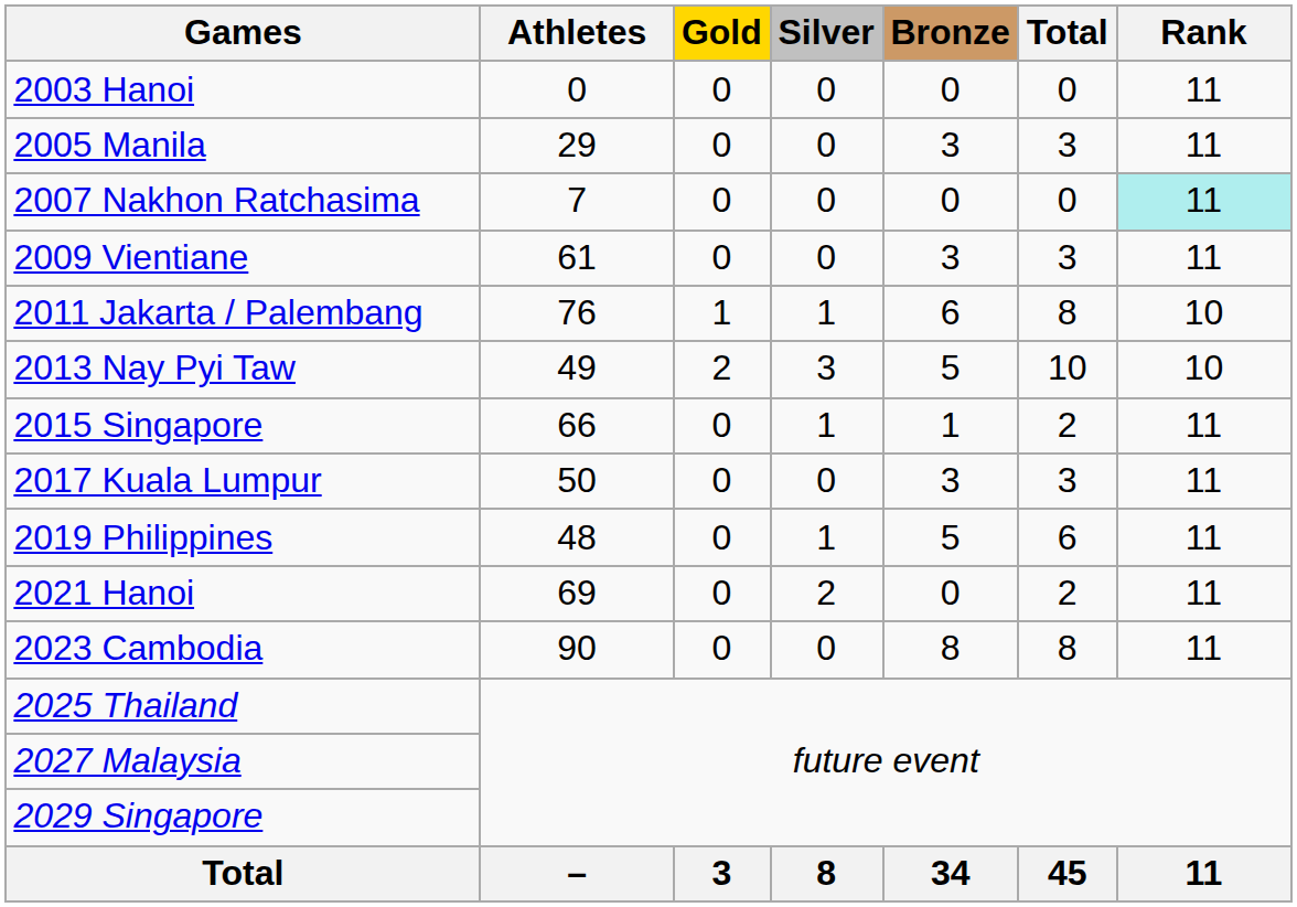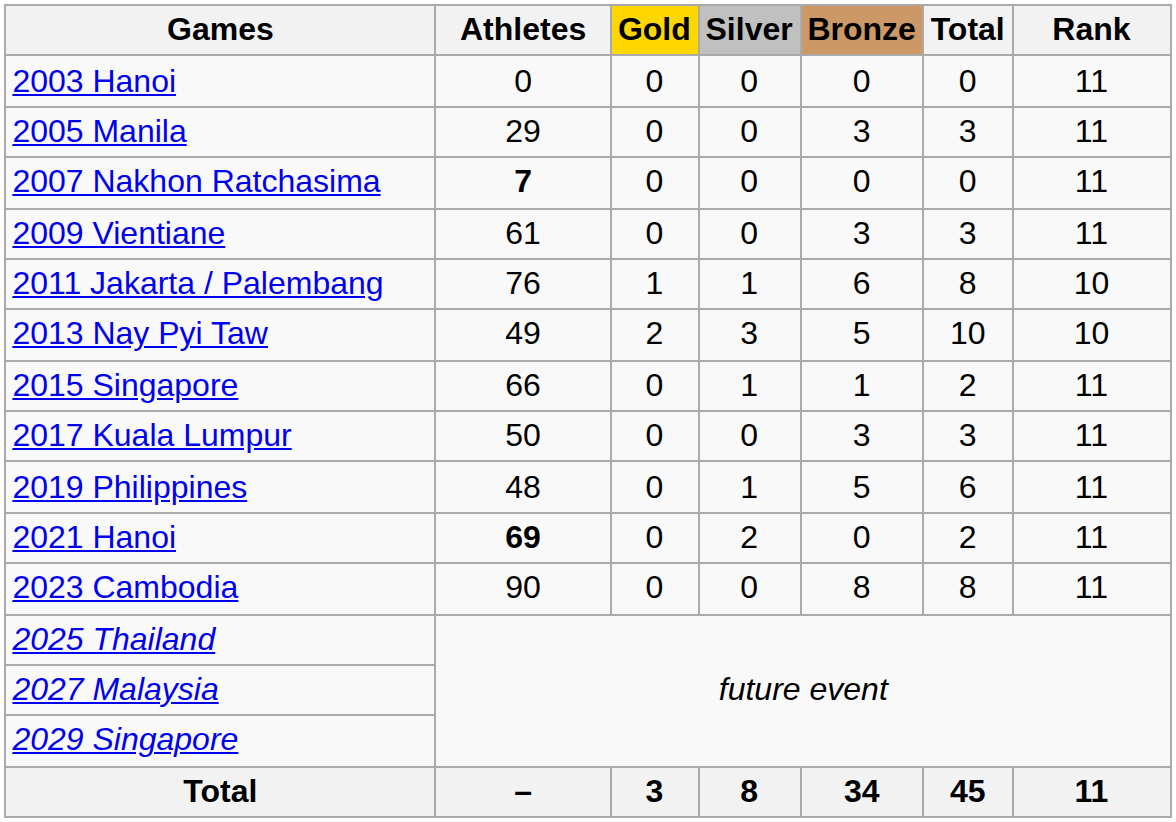 <table class="wikitable sortable plainrowheaders" border="1" style="text-align:center;">
 <tr>
 <th scope="col" style="width:13em;">Games</th>
 <th scope="col" style="width:5em;">Athletes</th>
 <th scope="col" style="background-color:gold; font-weight:bold;">Gold</th>
 <th scope="col" style="background-color:silver; font-weight:bold;">Silver</th>
 <th scope="col" style="background-color:#cc9966; font-weight:bold;">Bronze</th>
 <th scope="col">Total</th>
 <th style="width:4.5em; font-weight:bold;">Rank</th>
 </tr>
 <tr>
 <td align=left> <a href='#'>2003 Hanoi</a></td>
 <td>0</td>
 <td>0</td>
 <td>0</td>
 <td>0</td>
 <td>0</td>
 <td>11</td>
 </tr>
 <tr>
 <td align=left> <a href='#'>2005 Manila</a></td>
 <td>29</td>
 <td>0</td>
 <td>0</td>
 <td>3</td>
 <td>3</td>
 <td>11</td>
 </tr>
 <tr>
 <td align=left> <a href='#'>2007 Nakhon Ratchasima</a></td>
-<td>7</td>
+<td><strong>7</strong></td>
 <td>0</td>
 <td>0</td>
 <td>0</td>
 <td>0</td>
-<td style="background: paleturquoise;">11</td>
+<td>11</td>
 </tr>
 <tr>
 <td align=left> <a href='#'>2009 Vientiane</a></td>
 <td>61</td>
 <td>0</td>
 <td>0</td>
 <td>3</td>
 <td>3</td>
 <td>11</td>
 </tr>
 <tr>
 <td align=left> <a href='#'>2011 Jakarta / Palembang</a></td>
 <td>76</td>
 <td>1</td>
 <td>1</td>
 <td>6</td>
 <td>8</td>
 <td>10</td>
 </tr>
 <tr>
 <td align=left> <a href='#'>2013 Nay Pyi Taw</a></td>
 <td>49</td>
 <td>2</td>
 <td>3</td>
 <td>5</td>
 <td>10</td>
 <td>10</td>
 </tr>
 <tr>
 <td align=left> <a href='#'>2015 Singapore</a></td>
 <td>66</td>
 <td>0</td>
 <td>1</td>
 <td>1</td>
 <td>2</td>
 <td>11</td>
 </tr>
 <tr>
 <td align=left> <a href='#'>2017 Kuala Lumpur</a></td>
 <td>50</td>
 <td>0</td>
 <td>0</td>
 <td>3</td>
 <td>3</td>
 <td>11</td>
 </tr>
 <tr>
 <td align=left> <a href='#'>2019 Philippines</a></td>
 <td>48</td>
 <td>0</td>
 <td>1</td>
 <td>5</td>
 <td>6</td>
 <td>11</td>
 </tr>
 <tr>
 <td align=left> <a href='#'>2021 Hanoi</a></td>
-<td>69</td>
+<td><strong>69</strong></td>
 <td>0</td>
 <td>2</td>
 <td>0</td>
 <td>2</td>
 <td>11</td>
 </tr>
 <tr>
 <td align=left> <a href='#'>2023 Cambodia</a></td>
 <td>90</td>
 <td>0</td>
 <td>0</td>
 <td>8</td>
 <td>8</td>
 <td>11</td>
 </tr>
 <tr>
 <td align=left> <em><a href='#'>2025 Thailand</a></em></td>
 <td colspan=6 rowspan=3><em>future event</em></td>
 </tr>
 <tr>
 <td align=left> <em><a href='#'>2027 Malaysia</a></em></td>
 </tr>
 <tr>
 <td align=left> <em><a href='#'>2029 Singapore</a></em></td>
 </tr>
 <tr>
 <th>Total</th>
 <th>–</th>
 <th>3</th>
 <th>8</th>
 <th>34</th>
 <th>45</th>
 <th>11</th>
 </tr>
 </table>
